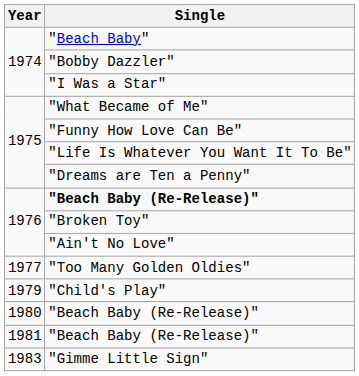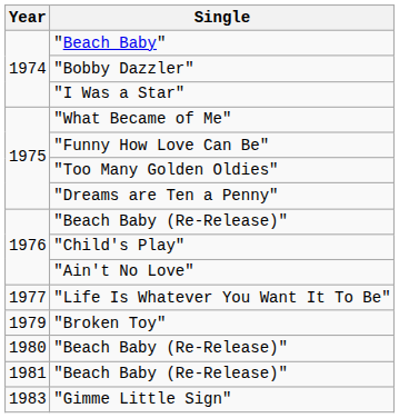 <table class="wikitable">
 <tr>
 <th>Year</th>
 <th>Single</th>
 </tr>
 <tr>
 <td rowspan="3">1974</td>
 <td>"<a href='#'>Beach Baby</a>"</td>
 </tr>
 <tr>
 <td>"Bobby Dazzler"</td>
 </tr>
 <tr>
 <td>"I Was a Star"</td>
 </tr>
 <tr>
 <td rowspan="4">1975</td>
 <td>"What Became of Me"</td>
 </tr>
 <tr>
 <td>"Funny How Love Can Be"</td>
 </tr>
 <tr>
-<td>"Life Is Whatever You Want It To Be"</td>
+<td>"Too Many Golden Oldies"</td>
 </tr>
 <tr>
 <td>"Dreams are Ten a Penny"</td>
 </tr>
 <tr>
 <td rowspan="3">1976</td>
-<td><strong>"Beach Baby (Re-Release)"</strong></td>
+<td>"Beach Baby (Re-Release)"</td>
 </tr>
 <tr>
-<td>"Broken Toy"</td>
+<td>"Child's Play"</td>
 </tr>
 <tr>
 <td>"Ain't No Love"</td>
 </tr>
 <tr>
 <td rowspan="1">1977</td>
-<td>"Too Many Golden Oldies"</td>
+<td>"Life Is Whatever You Want It To Be"</td>
 </tr>
 <tr>
 <td rowspan="1">1979</td>
-<td>"Child's Play"</td>
+<td>"Broken Toy"</td>
 </tr>
 <tr>
 <td rowspan="1">1980</td>
 <td>"Beach Baby (Re-Release)"</td>
 </tr>
 <tr>
 <td rowspan="1">1981</td>
 <td>"Beach Baby (Re-Release)"</td>
 </tr>
 <tr>
 <td rowspan="1">1983</td>
 <td>"Gimme Little Sign"</td>
 </tr>
 </table>
